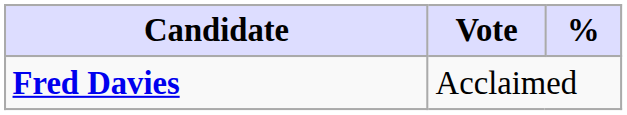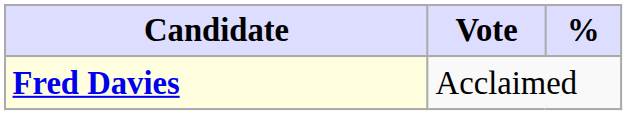 <table class="wikitable">
 <tr>
 <th style="background:#ddf; width:200px;">Candidate</th>
 <th style="background:#ddf; width:50px;">Vote</th>
 <th style="background:#ddf; width:30px;">%</th>
 </tr>
 <tr>
-<td><strong><a href='#'>Fred Davies</a></strong></td>
+<td style="background: lightyellow;"><strong><a href='#'>Fred Davies</a></strong></td>
 <td colspan="2">Acclaimed</td>
 </tr>
 </table>
